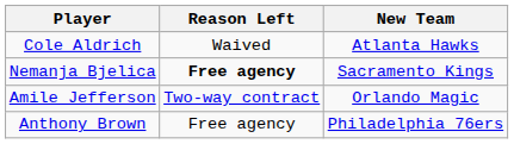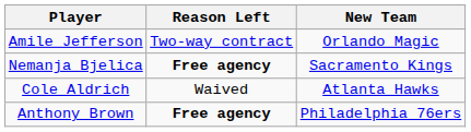 <table class="wikitable sortable sortable" style="text-align: center">
 <tr>
 <th>Player</th>
 <th>Reason Left</th>
 <th>New Team</th>
 </tr>
-<tr style="text-align: center">
-<td><a href='#'>Cole Aldrich</a></td>
-<td>Waived</td>
-<td><a href='#'>Atlanta Hawks</a></td>
+<tr>
+<td><a href='#'>Amile Jefferson</a></td>
+<td><a href='#'>Two-way contract</a></td>
+<td><a href='#'>Orlando Magic</a></td>
 </tr>
 <tr style="text-align: center">
 <td><a href='#'>Nemanja Bjelica</a></td>
 <td><strong>Free agency</strong></td>
 <td><a href='#'>Sacramento Kings</a></td>
 </tr>
-<tr>
-<td><a href='#'>Amile Jefferson</a></td>
-<td><a href='#'>Two-way contract</a></td>
-<td><a href='#'>Orlando Magic</a></td>
+<tr style="text-align: center">
+<td><a href='#'>Cole Aldrich</a></td>
+<td>Waived</td>
+<td><a href='#'>Atlanta Hawks</a></td>
 </tr>
 <tr>
 <td><a href='#'>Anthony Brown</a></td>
-<td>Free agency</td>
+<td><strong>Free agency</strong></td>
 <td><a href='#'>Philadelphia 76ers</a></td>
 </tr>
 </table>
